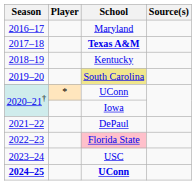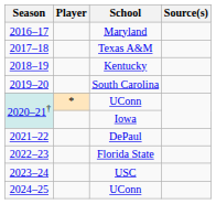 <table class="wikitable sortable" style="text-align:center;">
 <tr>
 <th>Season</th>
 <th>Player</th>
 <th>School</th>
 <th class=unsortable>Source(s)</th>
 </tr>
 <tr>
 <td><a href='#'>2016–17</a></td>
 <td></td>
 <td><a href='#'>Maryland</a></td>
 <td></td>
 </tr>
 <tr>
 <td><a href='#'>2017–18</a></td>
 <td></td>
-<td><strong><a href='#'>Texas A&M</a></strong></td>
+<td><a href='#'>Texas A&M</a></td>
 <td></td>
 </tr>
 <tr>
 <td><a href='#'>2018–19</a></td>
 <td></td>
 <td><a href='#'>Kentucky</a></td>
 <td></td>
 </tr>
 <tr>
 <td><a href='#'>2019–20</a></td>
 <td></td>
-<td style="background: khaki;"><a href='#'>South Carolina</a></td>
+<td><a href='#'>South Carolina</a></td>
 <td></td>
 </tr>
 <tr align=center>
 <td bgcolor=#cfecec rowspan=2><a href='#'>2020–21</a><sup>†</sup></td>
 <td bgcolor=#ffe6bd>*</td>
 <td><a href='#'>UConn</a></td>
 <td rowspan=2></td>
 </tr>
 <tr align=center>
 <td></td>
 <td><a href='#'>Iowa</a></td>
 </tr>
 <tr align=center>
 <td><a href='#'>2021–22</a></td>
 <td></td>
 <td><a href='#'>DePaul</a></td>
 <td></td>
 </tr>
 <tr align=center>
 <td><a href='#'>2022–23</a></td>
 <td></td>
-<td style="background: pink;"><a href='#'>Florida State</a></td>
+<td><a href='#'>Florida State</a></td>
 <td></td>
 </tr>
 <tr align=center>
 <td><a href='#'>2023–24</a></td>
 <td></td>
 <td><a href='#'>USC</a></td>
 <td></td>
 </tr>
 <tr align=center>
-<td><strong><a href='#'>2024–25</a></strong></td>
+<td><a href='#'>2024–25</a></td>
 <td></td>
-<td><strong><a href='#'>UConn</a></strong></td>
+<td><a href='#'>UConn</a></td>
 <td></td>
 </tr>
 </table>
